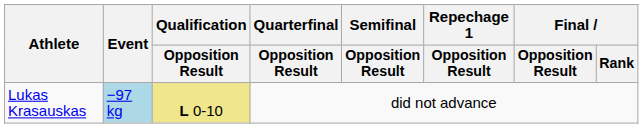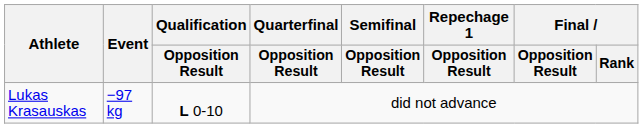 <table class="wikitable" style="font-size:90%">
 <tr>
 <th rowspan=2>Athlete</th>
 <th rowspan=2>Event</th>
 <th>Qualification</th>
 <th>Quarterfinal</th>
 <th>Semifinal</th>
 <th>Repechage 1</th>
 <th colspan=2>Final / </th>
 </tr>
 <tr style="font-size: 95%">
 <th>Opposition<br>Result</th>
 <th>Opposition<br>Result</th>
 <th>Opposition<br>Result</th>
 <th>Opposition<br>Result</th>
 <th>Opposition<br>Result</th>
 <th>Rank</th>
 </tr>
 <tr align=center>
 <td align=left><a href='#'>Lukas Krasauskas</a></td>
-<td align=left style="background: lightblue;"><a href='#'>−97 kg</a></td>
-<td style="background: khaki;"><br><strong>L</strong> 0-10</td>
+<td align=left><a href='#'>−97 kg</a></td>
+<td><br><strong>L</strong> 0-10</td>
 <td colspan=5>did not advance</td>
 </tr>
 </table>
